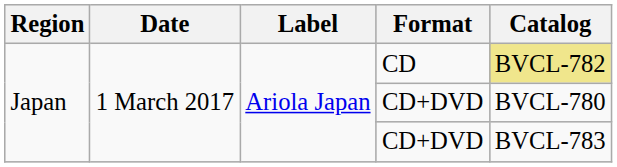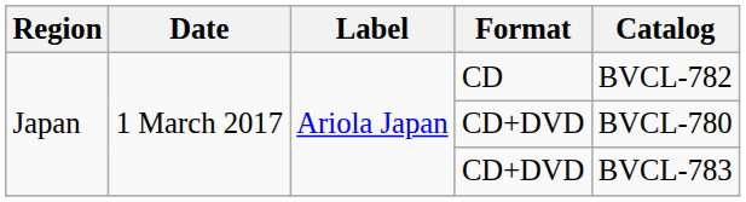 <table class="wikitable">
 <tr>
 <th>Region</th>
 <th>Date</th>
 <th>Label</th>
 <th>Format</th>
 <th>Catalog</th>
 </tr>
 <tr>
 <td rowspan="3">Japan</td>
 <td rowspan="3">1 March 2017</td>
 <td rowspan="3"><a href='#'>Ariola Japan</a></td>
 <td>CD</td>
-<td style="background: khaki;">BVCL-782</td>
+<td>BVCL-782</td>
 </tr>
 <tr>
 <td>CD+DVD</td>
 <td>BVCL-780</td>
 </tr>
 <tr>
 <td>CD+DVD</td>
 <td>BVCL-783</td>
 </tr>
 </table>
